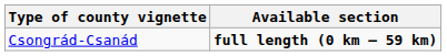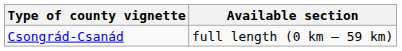 <table class="wikitable">
 <tr>
 <th>Type of county vignette</th>
 <th>Available section</th>
 </tr>
 <tr>
 <td><a href='#'>Csongrád-Csanád</a></td>
-<td><strong>full length (0 km – 59 km)</strong></td>
+<td>full length (0 km – 59 km)</td>
 </tr>
 </table>
